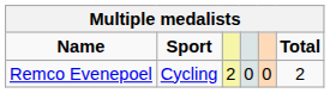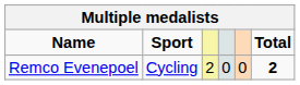 <table class="wikitable" style=font-size:85%;float:center;text-align:center>
 <tr style="background:#efefef;">
 <th colspan=7>Multiple medalists</th>
 </tr>
 <tr align=center>
 <td><strong>Name</strong></td>
 <td><strong>Sport</strong></td>
 <td style="background:#f7f6a8;"></td>
 <td style="background:#dce5e5;"></td>
 <td style="background:#ffdab9;"></td>
 <td><strong>Total</strong></td>
 </tr>
 <tr align=center>
 <td><a href='#'>Remco Evenepoel</a></td>
 <td><a href='#'>Cycling</a></td>
 <td style="background:#f7f6a8;">2</td>
 <td style="background:#dce5e5;">0</td>
 <td style="background:#ffdab9;">0</td>
-<td>2</td>
+<td><strong>2</strong></td>
 </tr>
 </table>
